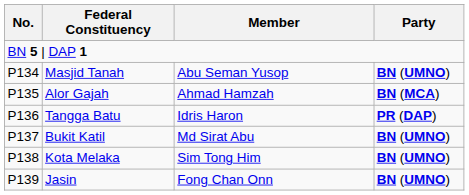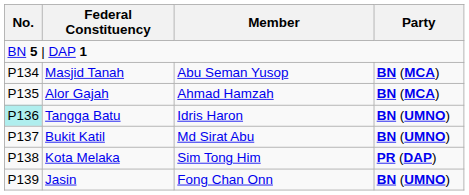 <table class ="wikitable sortable">
 <tr>
 <th style="width:30px;">No.</th>
 <th style="width:150px;">Federal Constituency</th>
 <th style="width:230px;">Member</th>
 <th style="width:100px;">Party</th>
 </tr>
 <tr>
 <td colspan="4"><a href='#'>BN</a> <strong>5</strong> | <a href='#'>DAP</a> <strong>1</strong></td>
 </tr>
 <tr>
 <td>P134</td>
 <td><a href='#'>Masjid Tanah</a></td>
 <td><a href='#'>Abu Seman Yusop</a></td>
-<td><strong><a href='#'>BN</a></strong> (<strong><a href='#'>UMNO</a></strong>)</td>
+<td><strong><a href='#'>BN</a></strong> (<strong><a href='#'>MCA</a></strong>)</td>
 </tr>
 <tr>
 <td>P135</td>
 <td><a href='#'>Alor Gajah</a></td>
 <td><a href='#'>Ahmad Hamzah</a></td>
 <td><strong><a href='#'>BN</a></strong> (<strong><a href='#'>MCA</a></strong>)</td>
 </tr>
 <tr>
-<td>P136</td>
+<td style="background: paleturquoise;">P136</td>
 <td><a href='#'>Tangga Batu</a></td>
 <td><a href='#'>Idris Haron</a></td>
-<td><strong><a href='#'>PR</a></strong> (<strong><a href='#'>DAP</a></strong>)</td>
+<td><strong><a href='#'>BN</a></strong> (<strong><a href='#'>UMNO</a></strong>)</td>
 </tr>
 <tr>
 <td>P137</td>
 <td><a href='#'>Bukit Katil</a></td>
 <td><a href='#'>Md Sirat Abu</a></td>
 <td><strong><a href='#'>BN</a></strong> (<strong><a href='#'>UMNO</a></strong>)</td>
 </tr>
 <tr>
 <td>P138</td>
 <td><a href='#'>Kota Melaka</a></td>
 <td><a href='#'>Sim Tong Him</a></td>
-<td><strong><a href='#'>BN</a></strong> (<strong><a href='#'>UMNO</a></strong>)</td>
+<td><strong><a href='#'>PR</a></strong> (<strong><a href='#'>DAP</a></strong>)</td>
 </tr>
 <tr>
 <td>P139</td>
 <td><a href='#'>Jasin</a></td>
 <td><a href='#'>Fong Chan Onn</a></td>
 <td><strong><a href='#'>BN</a></strong> (<strong><a href='#'>UMNO</a></strong>)</td>
 </tr>
 </table>
